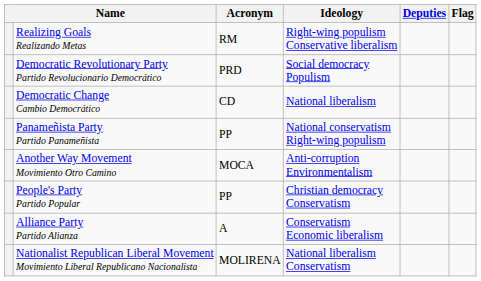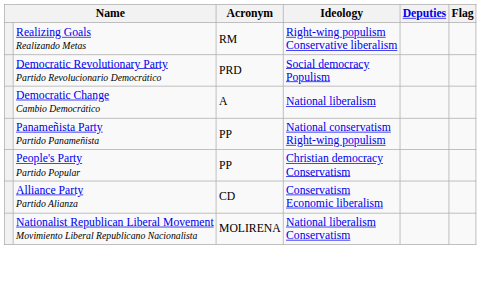 <table class="wikitable sortable">
 <tr>
 <th colspan=2>Name</th>
 <th>Acronym</th>
 <th>Ideology</th>
 <th><a href='#'>Deputies</a></th>
 <th>Flag</th>
 </tr>
 <tr>
 <th width=5px style="background-color: "></th>
 <td><a href='#'>Realizing Goals</a><br><small><em>Realizando Metas</em></small></td>
 <td>RM</td>
 <td><a href='#'>Right-wing populism</a><br><a href='#'>Conservative liberalism</a></td>
 <td></td>
 <td></td>
 </tr>
 <tr>
 <th width=5px style="background-color: "></th>
 <td><a href='#'>Democratic Revolutionary Party</a><br><small><em>Partido Revolucionario Democrático</em></small></td>
 <td>PRD</td>
 <td><a href='#'>Social democracy</a><br> <a href='#'>Populism</a></td>
 <td></td>
 <td></td>
 </tr>
 <tr>
 <th style="background-color: "></th>
 <td><a href='#'>Democratic Change</a><br><small><em>Cambio Democrático</em></small></td>
-<td>CD</td>
+<td>A</td>
 <td><a href='#'>National liberalism</a></td>
 <td></td>
 <td></td>
 </tr>
 <tr>
 <th style="background-color: "></th>
 <td><a href='#'>Panameñista Party</a><br><small><em>Partido Panameñista</em></small></td>
 <td>PP</td>
 <td><a href='#'>National conservatism</a><br><a href='#'>Right-wing populism</a></td>
 <td></td>
 <td></td>
 </tr>
 <tr>
 <th style="background-color: "></th>
-<td><a href='#'>Another Way Movement</a><br><small><em>Movimiento Otro Camino</em></small></td>
-<td>MOCA</td>
-<td><a href='#'>Anti-corruption</a><br><a href='#'>Environmentalism</a></td>
-<td></td>
-<td></td>
-</tr>
-<tr>
-<th style="background-color: "></th>
 <td><a href='#'>People's Party</a><br><small><em>Partido Popular</em></small></td>
 <td>PP</td>
 <td><a href='#'>Christian democracy</a><br><a href='#'>Conservatism</a></td>
 <td></td>
 <td></td>
 </tr>
 <tr>
 <th style="background-color: "></th>
 <td><a href='#'>Alliance Party</a><br><small><em>Partido Alianza</em></small></td>
-<td>A</td>
+<td>CD</td>
 <td><a href='#'>Conservatism</a><br><a href='#'>Economic liberalism</a></td>
 <td></td>
 <td></td>
 </tr>
 <tr>
 <th style="background-color: "></th>
 <td><a href='#'>Nationalist Republican Liberal Movement</a><br><small><em>Movimiento Liberal Republicano Nacionalista</em></small></td>
 <td>MOLIRENA</td>
 <td><a href='#'>National liberalism</a><br><a href='#'>Conservatism</a></td>
 <td></td>
 <td></td>
 </tr>
 </table>
